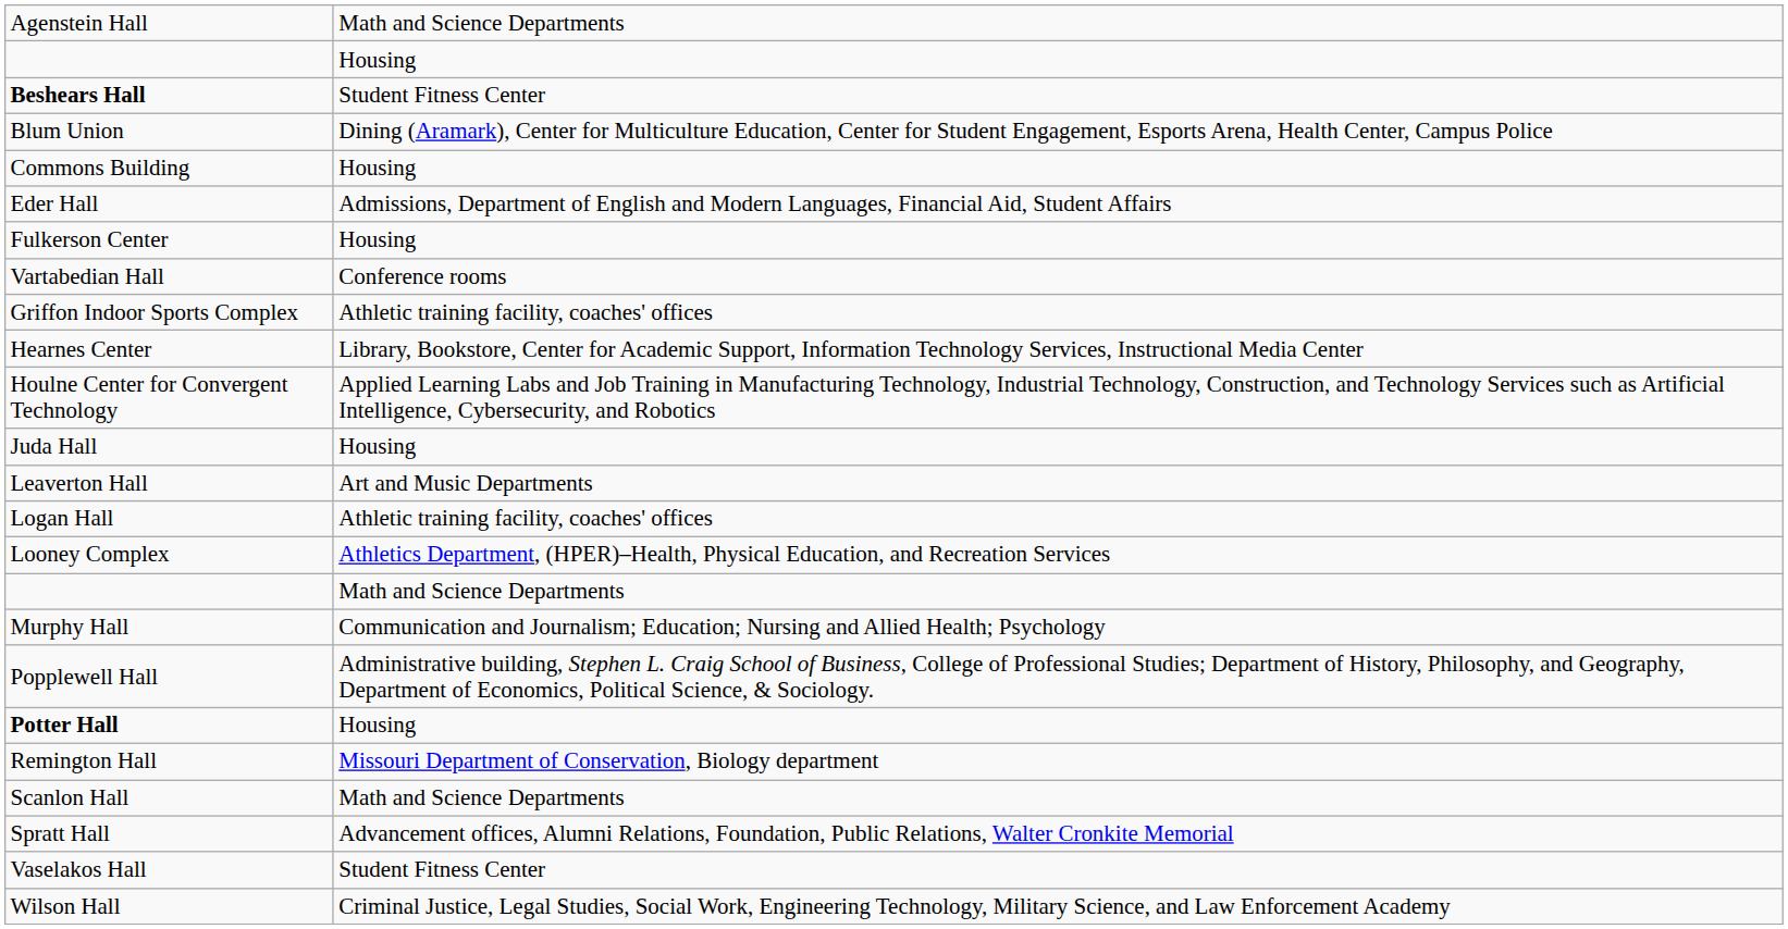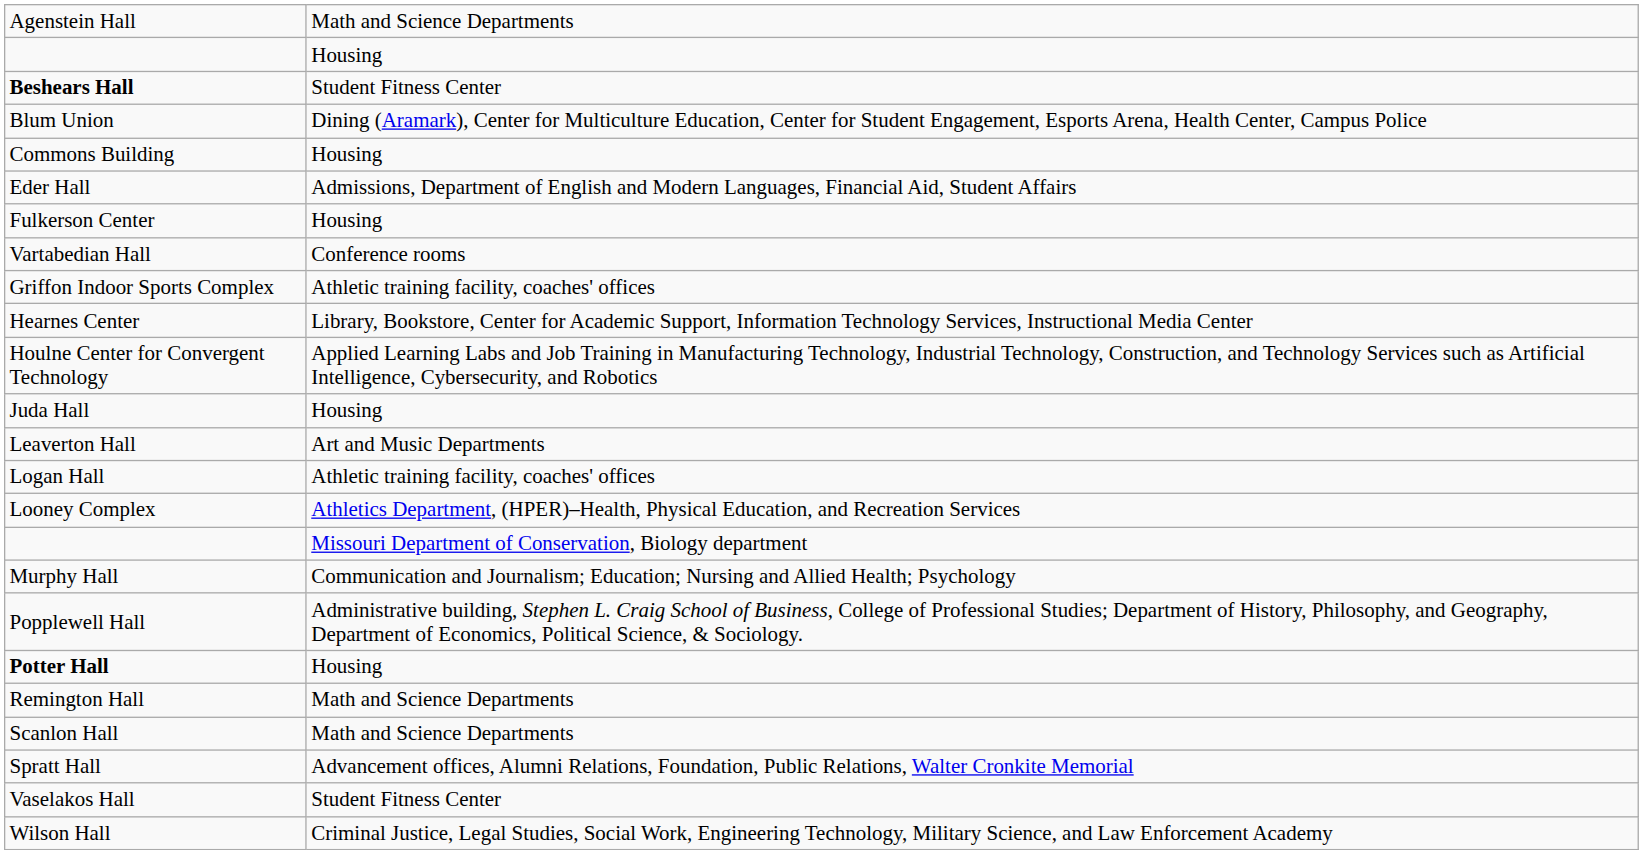 <table class="wikitable sortable">
 <tr>
 <td>Agenstein Hall</td>
 <td>Math and Science Departments</td>
 </tr>
 <tr>
 <td></td>
 <td>Housing</td>
 </tr>
 <tr>
 <td><strong>Beshears Hall</strong></td>
 <td>Student Fitness Center</td>
 </tr>
 <tr>
 <td>Blum Union</td>
 <td>Dining (<a href='#'>Aramark</a>), Center for Multiculture Education, Center for Student Engagement, Esports Arena, Health Center, Campus Police</td>
 </tr>
 <tr>
 <td>Commons Building</td>
 <td>Housing</td>
 </tr>
 <tr>
 <td>Eder Hall</td>
 <td>Admissions, Department of English and Modern Languages, Financial Aid, Student Affairs</td>
 </tr>
 <tr>
 <td>Fulkerson Center</td>
 <td>Housing</td>
 </tr>
 <tr>
 <td>Vartabedian Hall</td>
 <td>Conference rooms</td>
 </tr>
 <tr>
 <td>Griffon Indoor Sports Complex</td>
 <td>Athletic training facility, coaches' offices</td>
 </tr>
 <tr>
 <td>Hearnes Center</td>
 <td>Library, Bookstore, Center for Academic Support, Information Technology Services, Instructional Media Center</td>
 </tr>
 <tr>
 <td>Houlne Center for Convergent Technology</td>
 <td>Applied Learning Labs and Job Training in Manufacturing Technology, Industrial Technology, Construction, and Technology Services such as Artificial Intelligence, Cybersecurity, and Robotics</td>
 </tr>
 <tr>
 <td>Juda Hall</td>
 <td>Housing</td>
 </tr>
 <tr>
 <td>Leaverton Hall</td>
 <td>Art and Music Departments</td>
 </tr>
 <tr>
 <td>Logan Hall</td>
 <td>Athletic training facility, coaches' offices</td>
 </tr>
 <tr>
 <td>Looney Complex</td>
 <td><a href='#'>Athletics Department</a>, (HPER)–Health, Physical Education, and Recreation Services</td>
 </tr>
 <tr>
 <td></td>
-<td>Math and Science Departments</td>
+<td><a href='#'>Missouri Department of Conservation</a>, Biology department</td>
 </tr>
 <tr>
 <td>Murphy Hall</td>
 <td>Communication and Journalism; Education; Nursing and Allied Health; Psychology</td>
 </tr>
 <tr>
 <td>Popplewell Hall</td>
 <td>Administrative building, <em>Stephen L. Craig School of Business</em>, College of Professional Studies; Department of History, Philosophy, and Geography, Department of Economics, Political Science, & Sociology.</td>
 </tr>
 <tr>
 <td><strong>Potter Hall</strong></td>
 <td>Housing</td>
 </tr>
 <tr>
 <td>Remington Hall</td>
-<td><a href='#'>Missouri Department of Conservation</a>, Biology department</td>
+<td>Math and Science Departments</td>
 </tr>
 <tr>
 <td>Scanlon Hall</td>
 <td>Math and Science Departments</td>
 </tr>
 <tr>
 <td>Spratt Hall</td>
 <td>Advancement offices, Alumni Relations, Foundation, Public Relations, <a href='#'>Walter Cronkite Memorial</a></td>
 </tr>
 <tr>
 <td>Vaselakos Hall</td>
 <td>Student Fitness Center</td>
 </tr>
 <tr>
 <td>Wilson Hall</td>
 <td>Criminal Justice, Legal Studies, Social Work, Engineering Technology, Military Science, and Law Enforcement Academy</td>
 </tr>
 </table>
